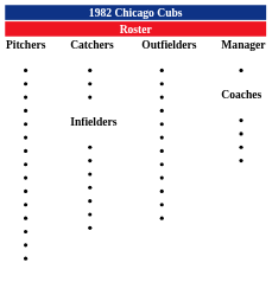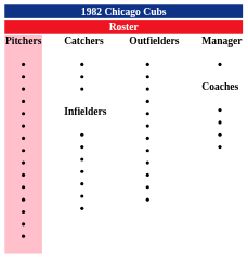 <table class="toccolours" style="font-size: 95%;">
 <tr>
 <th colspan="10" style="background:#0e3386; color:#fff; text-align:center;">1982 Chicago Cubs</th>
 </tr>
 <tr>
 <td colspan="10" style="background:#ee1422; color:#fff; text-align:center;"><strong>Roster</strong></td>
 </tr>
 <tr>
-<td valign="top"><strong>Pitchers</strong><br><ul><li></li><li></li><li></li><li></li><li></li><li></li><li></li><li></li><li></li><li></li><li></li><li></li><li></li><li></li><li></li></ul></td>
+<td valign="top" style="background: pink;"><strong>Pitchers</strong><br><ul><li></li><li></li><li></li><li></li><li></li><li></li><li></li><li></li><li></li><li></li><li></li><li></li><li></li><li></li><li></li></ul></td>
 <td style="width:25px;"></td>
 <td valign="top"><strong>Catchers</strong><br><ul><li></li><li></li><li></li></ul><strong>Infielders</strong><ul><li></li><li></li><li></li><li></li><li></li><li></li><li></li></ul></td>
 <td style="width:25px;"></td>
 <td valign="top"><strong>Outfielders</strong><br><ul><li></li><li></li><li></li><li></li><li></li><li></li><li></li><li></li><li></li><li></li><li></li><li></li></ul></td>
 <td style="width:25px;"></td>
 <td valign="top"><strong>Manager</strong><br><ul><li></li></ul><strong>Coaches</strong><ul><li></li><li></li><li></li><li></li></ul></td>
 </tr>
 </table>
